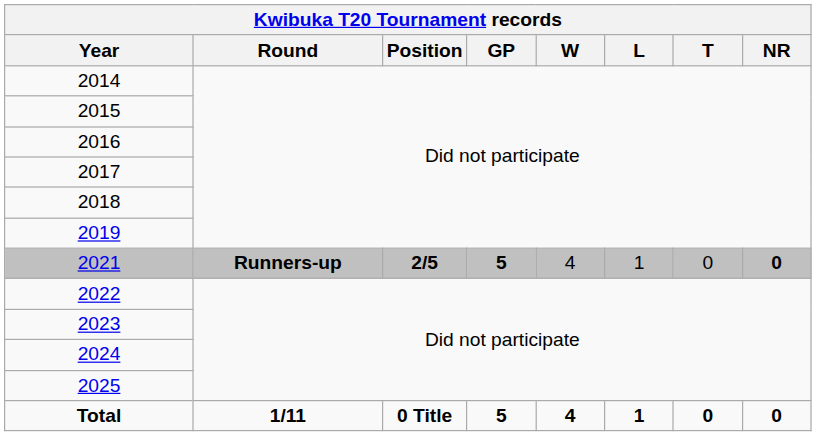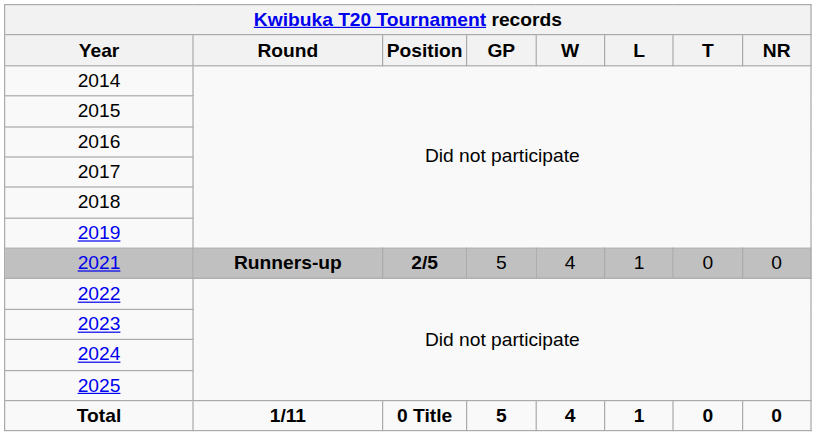 <table class="wikitable" style="text-align: center; width=900px;">
 <tr>
 <th colspan=9><a href='#'>Kwibuka T20 Tournament</a> records</th>
 </tr>
 <tr>
 <th width=150>Year</th>
 <th width=150>Round</th>
 <th width=50>Position</th>
 <th width=50>GP</th>
 <th width=50>W</th>
 <th width=50>L</th>
 <th width=50>T</th>
 <th width=50>NR</th>
 </tr>
 <tr>
 <td> 2014</td>
 <td colspan=8 rowspan=6>Did not participate</td>
 </tr>
 <tr>
 <td> 2015</td>
 </tr>
 <tr>
 <td> 2016</td>
 </tr>
 <tr>
 <td> 2017</td>
 </tr>
 <tr>
 <td> 2018</td>
 </tr>
 <tr>
 <td> <a href='#'>2019</a></td>
 </tr>
 <tr bgcolor=silver>
 <td> <a href='#'>2021</a></td>
 <td><strong>Runners-up</strong></td>
 <td><strong>2/5</strong></td>
-<td><strong>5</strong></td>
+<td>5</td>
 <td>4</td>
 <td>1</td>
 <td>0</td>
-<td><strong>0</strong></td>
+<td>0</td>
 </tr>
 <tr>
 <td> <a href='#'>2022</a></td>
 <td colspan=8 rowspan=4>Did not participate</td>
 </tr>
 <tr>
 <td> <a href='#'>2023</a></td>
 </tr>
 <tr>
 <td> <a href='#'>2024</a></td>
 </tr>
 <tr>
 <td> <a href='#'>2025</a></td>
 </tr>
 <tr>
 <td><strong>Total</strong></td>
 <td><strong>1/11</strong></td>
 <td><strong>0 Title</strong></td>
 <td><strong>5</strong></td>
 <td><strong>4</strong></td>
 <td><strong>1</strong></td>
 <td><strong>0</strong></td>
 <td><strong>0</strong></td>
 </tr>
 </table>
